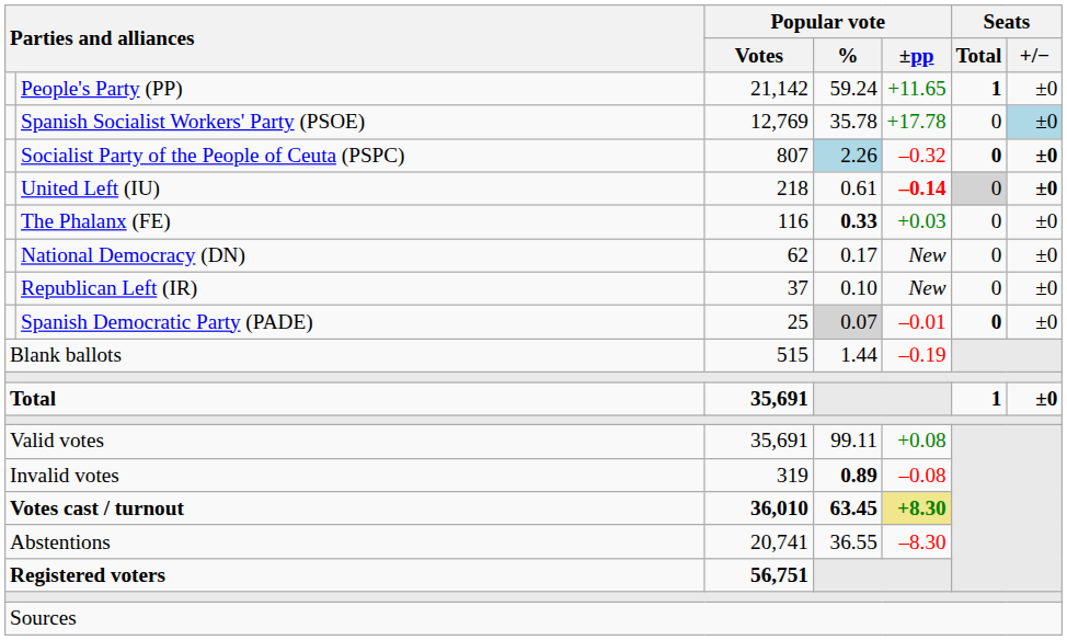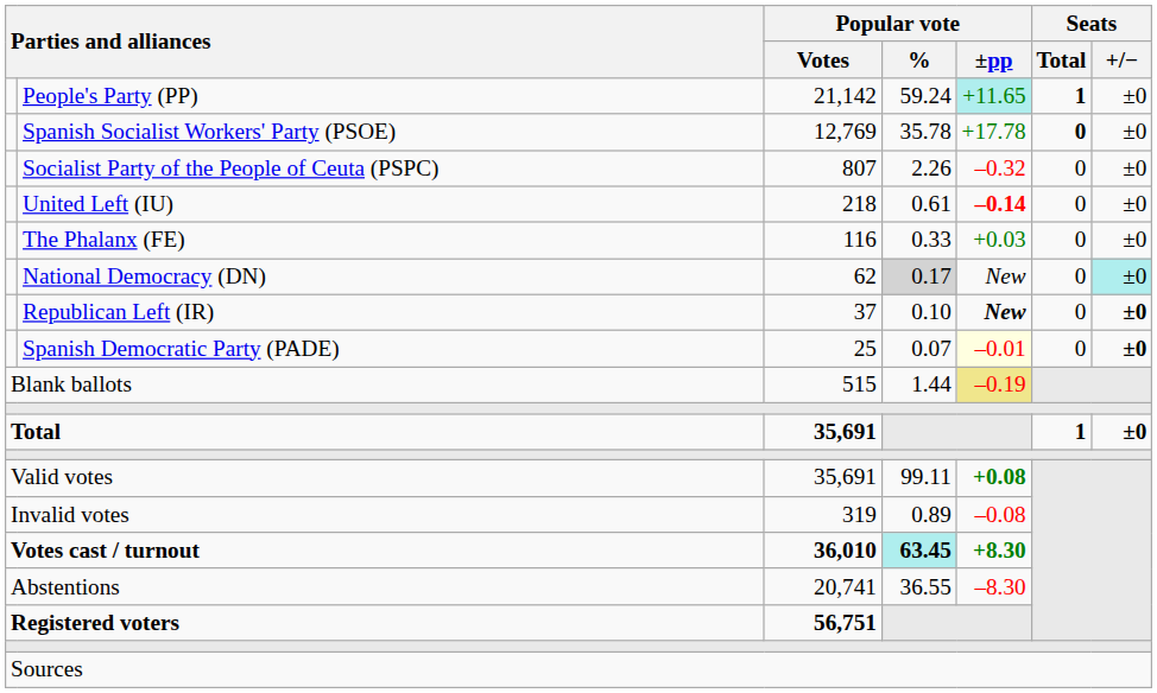 <table class="wikitable" style="text-align:right;">
 <tr>
 <th style="text-align:left;" rowspan="2" colspan="2" width="525">Parties and alliances</th>
 <th colspan="3">Popular vote</th>
 <th colspan="2">Seats</th>
 </tr>
 <tr>
 <th width="75">Votes</th>
 <th width="45">%</th>
 <th width="45">±<a href='#'>pp</a></th>
 <th width="35">Total</th>
 <th width="35">+/−</th>
 </tr>
 <tr>
 <td width="1" style="color:inherit;background:"></td>
 <td align="left"><a href='#'>People's Party</a> (PP)</td>
 <td>21,142</td>
 <td>59.24</td>
-<td style="color:green;">+11.65</td>
+<td style="background: paleturquoise; color:green;">+11.65</td>
 <td><strong>1</strong></td>
 <td>±0</td>
 </tr>
 <tr>
 <td style="color:inherit;background:"></td>
 <td align="left"><a href='#'>Spanish Socialist Workers' Party</a> (PSOE)</td>
 <td>12,769</td>
 <td>35.78</td>
 <td style="color:green;">+17.78</td>
-<td>0</td>
-<td style="background: lightblue;">±0</td>
+<td><strong>0</strong></td>
+<td>±0</td>
 </tr>
 <tr>
 <td style="color:inherit;background:"></td>
 <td align="left"><a href='#'>Socialist Party of the People of Ceuta</a> (PSPC)</td>
 <td>807</td>
-<td style="background: lightblue;">2.26</td>
+<td>2.26</td>
 <td style="color:red;">–0.32</td>
-<td><strong>0</strong></td>
-<td><strong>±0</strong></td>
+<td>0</td>
+<td>±0</td>
 </tr>
 <tr>
 <td style="color:inherit;background:"></td>
 <td align="left"><a href='#'>United Left</a> (IU)</td>
 <td>218</td>
 <td>0.61</td>
 <td style="color:red;"><strong>–0.14</strong></td>
-<td style="background: lightgrey;">0</td>
-<td><strong>±0</strong></td>
+<td>0</td>
+<td>±0</td>
 </tr>
 <tr>
 <td style="color:inherit;background:"></td>
 <td align="left"><a href='#'>The Phalanx</a> (FE)</td>
 <td>116</td>
-<td><strong>0.33</strong></td>
+<td>0.33</td>
 <td style="color:green;">+0.03</td>
 <td>0</td>
 <td>±0</td>
 </tr>
 <tr>
 <td style="color:inherit;background:"></td>
 <td align="left"><a href='#'>National Democracy</a> (DN)</td>
 <td>62</td>
-<td>0.17</td>
+<td style="background: lightgrey;">0.17</td>
 <td><em>New</em></td>
 <td>0</td>
-<td>±0</td>
+<td style="background: paleturquoise;">±0</td>
 </tr>
 <tr>
 <td style="color:inherit;background:"></td>
 <td align="left"><a href='#'>Republican Left</a> (IR)</td>
 <td>37</td>
 <td>0.10</td>
-<td><em>New</em></td>
+<td><strong><em>New</em></strong></td>
 <td>0</td>
-<td>±0</td>
+<td><strong>±0</strong></td>
 </tr>
 <tr>
 <td style="color:inherit;background:"></td>
 <td align="left"><a href='#'>Spanish Democratic Party</a> (PADE)</td>
 <td>25</td>
-<td style="background: lightgrey;">0.07</td>
-<td style="color:red;">–0.01</td>
-<td><strong>0</strong></td>
-<td>±0</td>
+<td>0.07</td>
+<td style="background: lightyellow; color:red;">–0.01</td>
+<td>0</td>
+<td><strong>±0</strong></td>
 </tr>
 <tr>
 <td align="left" colspan="2">Blank ballots</td>
 <td>515</td>
 <td>1.44</td>
-<td style="color:red;">–0.19</td>
+<td style="background: khaki; color:red;">–0.19</td>
 <td bgcolor="#E9E9E9" colspan="2"></td>
 </tr>
 <tr>
 <td colspan="7" bgcolor="#E9E9E9"></td>
 </tr>
 <tr style="font-weight:bold;">
 <td align="left" colspan="2">Total</td>
 <td>35,691</td>
 <td bgcolor="#E9E9E9" colspan="2"></td>
 <td>1</td>
 <td>±0</td>
 </tr>
 <tr>
 <td colspan="7" bgcolor="#E9E9E9"></td>
 </tr>
 <tr>
 <td align="left" colspan="2">Valid votes</td>
 <td>35,691</td>
 <td>99.11</td>
-<td style="color:green;">+0.08</td>
+<td style="color:green;"><strong>+0.08</strong></td>
 <td bgcolor="#E9E9E9" colspan="2" rowspan="5"></td>
 </tr>
 <tr>
 <td align="left" colspan="2">Invalid votes</td>
 <td>319</td>
-<td><strong>0.89</strong></td>
+<td>0.89</td>
 <td style="color:red;">–0.08</td>
 </tr>
 <tr style="font-weight:bold;">
 <td align="left" colspan="2">Votes cast / turnout</td>
 <td>36,010</td>
-<td>63.45</td>
-<td style="background: khaki; color:green;">+8.30</td>
+<td style="background: paleturquoise;">63.45</td>
+<td style="color:green;">+8.30</td>
 </tr>
 <tr>
 <td align="left" colspan="2">Abstentions</td>
 <td>20,741</td>
 <td>36.55</td>
 <td style="color:red;">–8.30</td>
 </tr>
 <tr style="font-weight:bold;">
 <td align="left" colspan="2">Registered voters</td>
 <td>56,751</td>
 <td bgcolor="#E9E9E9" colspan="2"></td>
 </tr>
 <tr>
 <td colspan="7" bgcolor="#E9E9E9"></td>
 </tr>
 <tr>
 <td align="left" colspan="7">Sources</td>
 </tr>
 </table>
